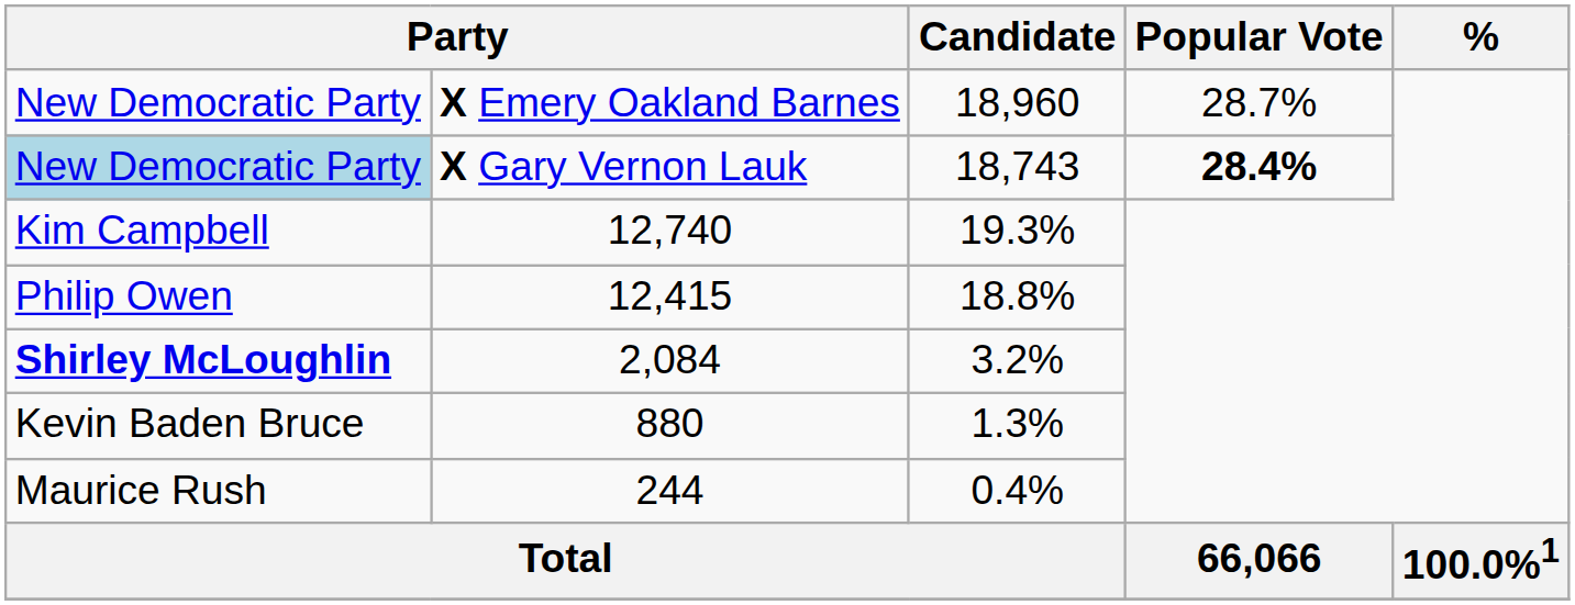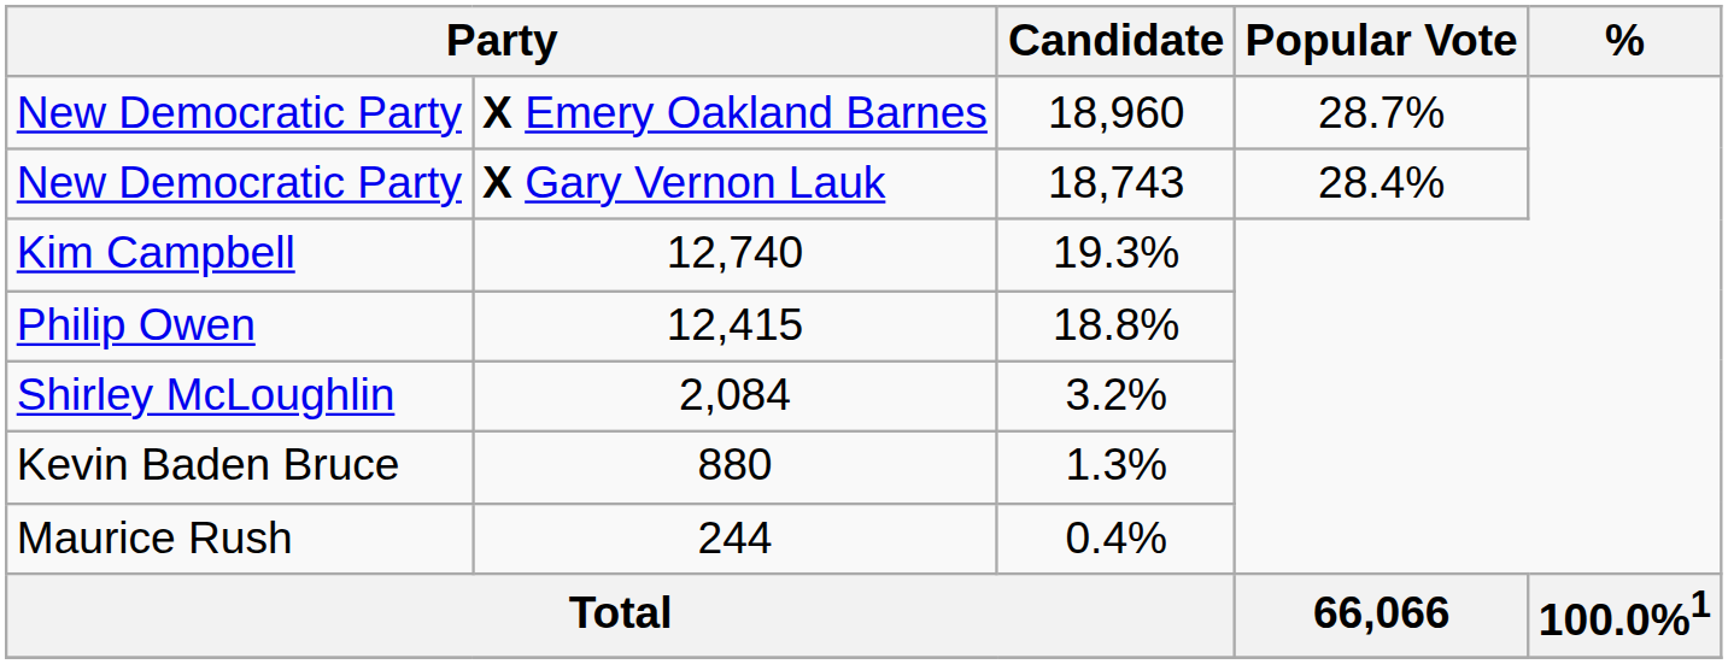 <table class="wikitable">
 <tr>
 <th colspan="2">Party</th>
 <th>Candidate</th>
 <th>Popular Vote</th>
 <th>%</th>
 </tr>
 <tr>
 <td><a href='#'>New Democratic Party</a></td>
 <td> <strong>X</strong> <a href='#'>Emery Oakland Barnes</a></td>
 <td align=center>18,960</td>
 <td align=center>28.7%</td>
 </tr>
 <tr>
-<td style="background: lightblue;"><a href='#'>New Democratic Party</a></td>
+<td><a href='#'>New Democratic Party</a></td>
 <td> <strong>X</strong> <a href='#'>Gary Vernon Lauk</a></td>
 <td align=center>18,743</td>
-<td align=center><strong>28.4%</strong></td>
+<td align=center>28.4%</td>
 </tr>
 <tr>
 <td><a href='#'>Kim Campbell</a></td>
 <td align=center>12,740</td>
 <td align=center>19.3%</td>
 </tr>
 <tr>
 <td><a href='#'>Philip Owen</a></td>
 <td align=center>12,415</td>
 <td align=center>18.8%</td>
 </tr>
 <tr>
-<td><strong><a href='#'>Shirley McLoughlin</a></strong></td>
+<td><a href='#'>Shirley McLoughlin</a></td>
 <td align=center>2,084</td>
 <td align=center>3.2%</td>
 </tr>
 <tr>
 <td>Kevin Baden Bruce</td>
 <td align=center>880</td>
 <td align=center>1.3%</td>
 </tr>
 <tr>
 <td>Maurice Rush</td>
 <td align=center>244</td>
 <td align=center>0.4%</td>
 </tr>
 <tr>
 <th colspan=3>Total</th>
 <th>66,066</th>
 <th>100.0%<sup>1</sup></th>
 </tr>
 <tr>
 </tr>
 </table>
